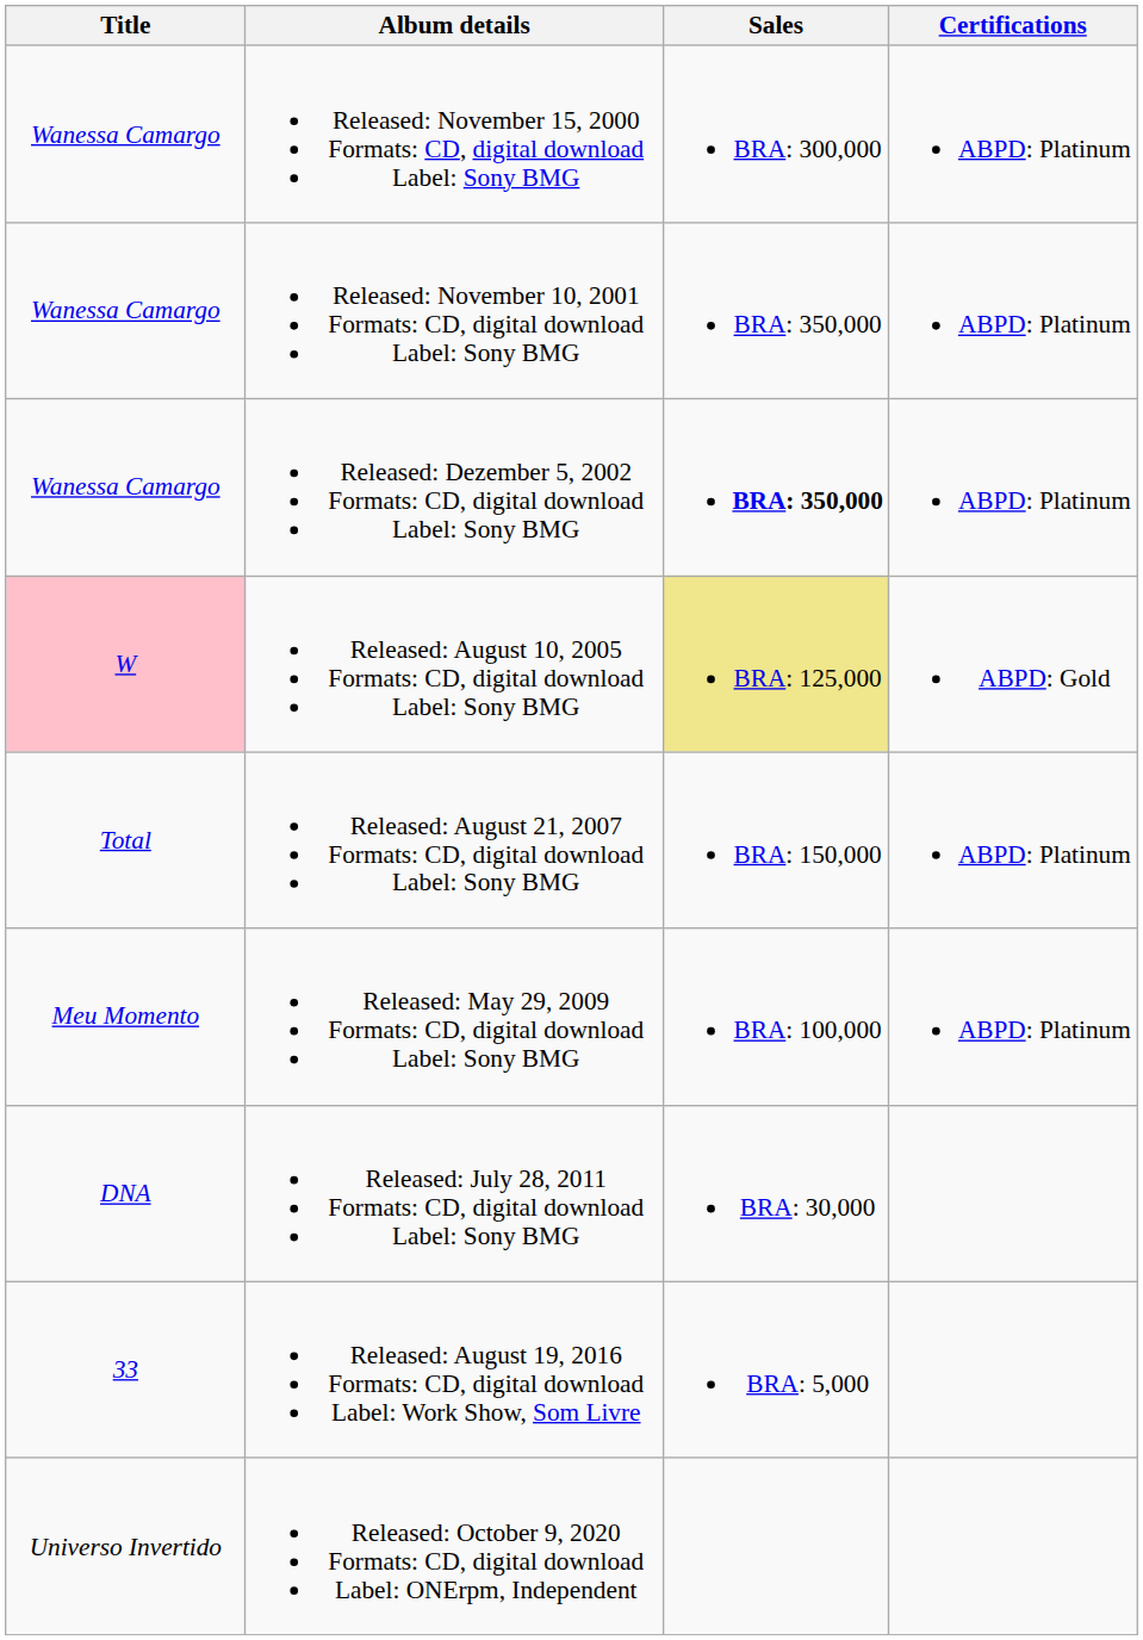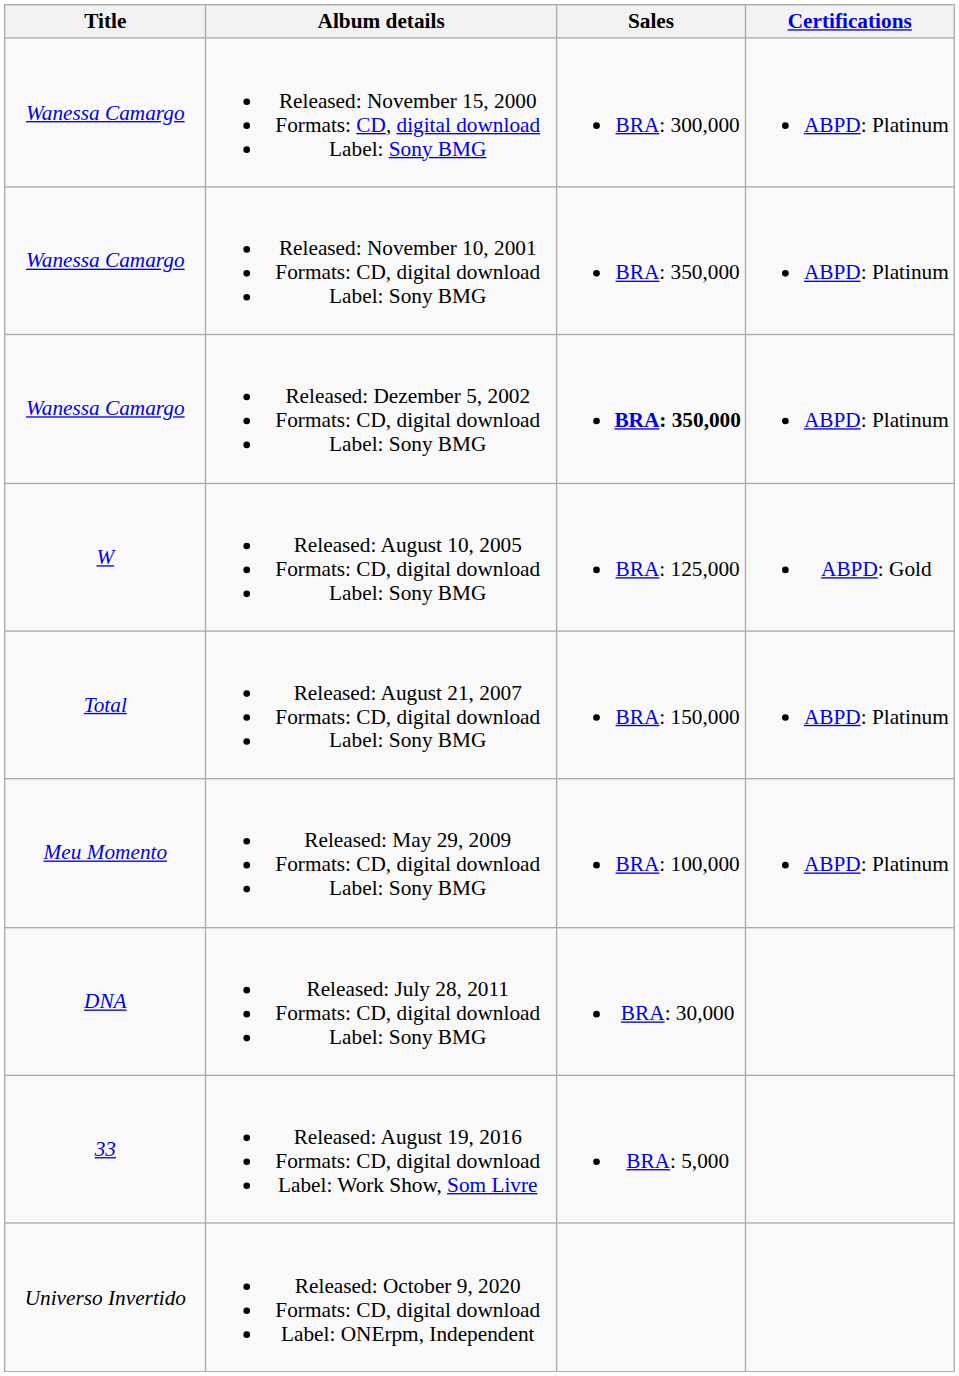 <table class="wikitable plainrowheaders" style="text-align:center;" border="1">
 <tr>
 <th scope="col" style="width:9em;">Title</th>
 <th scope="col" style="width:16em;">Album details</th>
 <th scope="col">Sales</th>
 <th scope="col"><a href='#'>Certifications</a></th>
 </tr>
 <tr>
 <td><em><a href='#'>Wanessa Camargo</a></em></td>
 <td><br><ul><li>Released: November 15, 2000</li><li>Formats: <a href='#'>CD</a>, <a href='#'>digital download</a></li><li>Label: <a href='#'>Sony BMG</a></li></ul></td>
 <td><br><ul><li><a href='#'>BRA</a>: 300,000</li></ul></td>
 <td><br><ul><li><a href='#'>ABPD</a>: Platinum</li></ul></td>
 </tr>
 <tr>
 <td><em><a href='#'>Wanessa Camargo</a></em></td>
 <td><br><ul><li>Released: November 10, 2001</li><li>Formats: CD, digital download</li><li>Label: Sony BMG</li></ul></td>
 <td><br><ul><li><a href='#'>BRA</a>: 350,000</li></ul></td>
 <td><br><ul><li><a href='#'>ABPD</a>: Platinum</li></ul></td>
 </tr>
 <tr>
 <td><em><a href='#'>Wanessa Camargo</a></em></td>
 <td><br><ul><li>Released: Dezember 5, 2002</li><li>Formats: CD, digital download</li><li>Label: Sony BMG</li></ul></td>
 <td><strong><br><ul><li><a href='#'>BRA</a>: 350,000</li></ul></strong></td>
 <td><br><ul><li><a href='#'>ABPD</a>: Platinum</li></ul></td>
 </tr>
 <tr>
-<td style="background: pink;"><em><a href='#'>W</a></em></td>
+<td><em><a href='#'>W</a></em></td>
 <td><br><ul><li>Released: August 10, 2005</li><li>Formats: CD, digital download</li><li>Label: Sony BMG</li></ul></td>
-<td style="background: khaki;"><br><ul><li><a href='#'>BRA</a>: 125,000</li></ul></td>
+<td><br><ul><li><a href='#'>BRA</a>: 125,000</li></ul></td>
 <td><br><ul><li><a href='#'>ABPD</a>: Gold</li></ul></td>
 </tr>
 <tr>
 <td><em><a href='#'>Total</a></em></td>
 <td><br><ul><li>Released: August 21, 2007</li><li>Formats: CD, digital download</li><li>Label: Sony BMG</li></ul></td>
 <td><br><ul><li><a href='#'>BRA</a>: 150,000</li></ul></td>
 <td><br><ul><li><a href='#'>ABPD</a>: Platinum</li></ul></td>
 </tr>
 <tr>
 <td><em><a href='#'>Meu Momento</a></em></td>
 <td><br><ul><li>Released: May 29, 2009</li><li>Formats: CD, digital download</li><li>Label: Sony BMG</li></ul></td>
 <td><br><ul><li><a href='#'>BRA</a>: 100,000</li></ul></td>
 <td><br><ul><li><a href='#'>ABPD</a>: Platinum</li></ul></td>
 </tr>
 <tr>
 <td><em><a href='#'>DNA</a></em></td>
 <td><br><ul><li>Released: July 28, 2011</li><li>Formats: CD, digital download</li><li>Label: Sony BMG</li></ul></td>
 <td><br><ul><li><a href='#'>BRA</a>: 30,000</li></ul></td>
 <td></td>
 </tr>
 <tr>
 <td><em><a href='#'>33</a></em></td>
 <td><br><ul><li>Released: August 19, 2016</li><li>Formats: CD, digital download</li><li>Label: Work Show, <a href='#'>Som Livre</a></li></ul></td>
 <td><br><ul><li><a href='#'>BRA</a>: 5,000</li></ul></td>
 <td></td>
 </tr>
 <tr>
 <td><em>Universo Invertido</em></td>
 <td><br><ul><li>Released: October 9, 2020</li><li>Formats: CD, digital download</li><li>Label: ONErpm, Independent</li></ul></td>
 <td></td>
 <td></td>
 </tr>
 <tr>
 </tr>
 </table>
